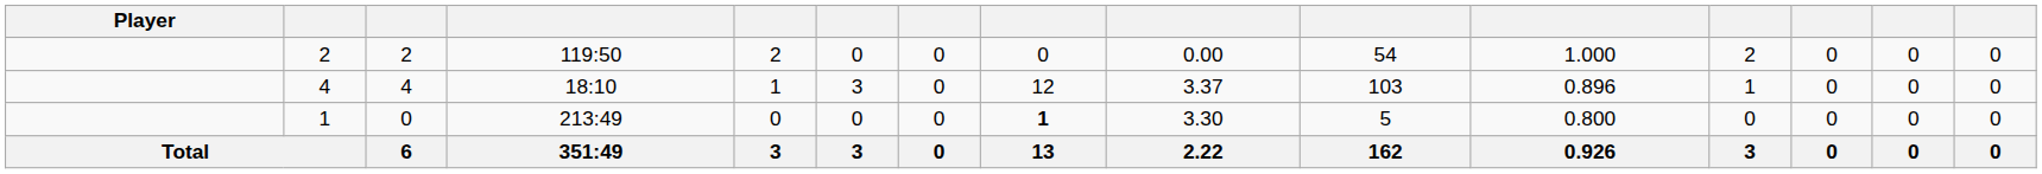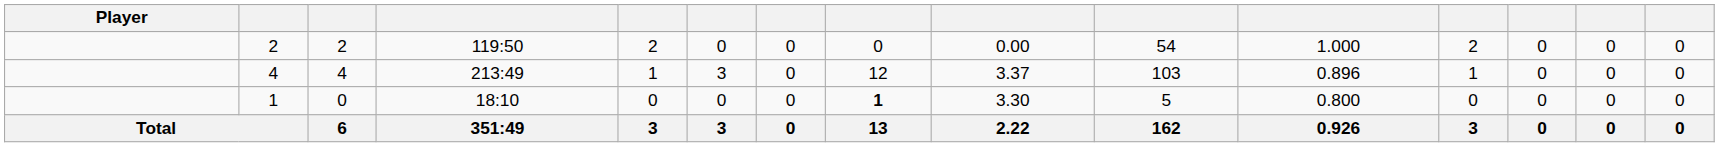 <table class="wikitable sortable" style="width:100%; text-align:center;">
 <tr>
 <th>Player</th>
 <th></th>
 <th></th>
 <th></th>
 <th></th>
 <th></th>
 <th></th>
 <th></th>
 <th></th>
 <th></th>
 <th></th>
 <th></th>
 <th></th>
 <th></th>
 <th></th>
 </tr>
 <tr>
 <td></td>
 <td>2</td>
 <td>2</td>
 <td>119:50</td>
 <td>2</td>
 <td>0</td>
 <td>0</td>
 <td>0</td>
 <td>0.00</td>
 <td>54</td>
 <td>1.000</td>
 <td>2</td>
 <td>0</td>
 <td>0</td>
 <td>0</td>
 </tr>
 <tr>
 <td></td>
 <td>4</td>
 <td>4</td>
-<td>18:10</td>
+<td>213:49</td>
 <td>1</td>
 <td>3</td>
 <td>0</td>
 <td>12</td>
 <td>3.37</td>
 <td>103</td>
 <td>0.896</td>
 <td>1</td>
 <td>0</td>
 <td>0</td>
 <td>0</td>
 </tr>
 <tr>
 <td></td>
 <td>1</td>
 <td>0</td>
-<td>213:49</td>
+<td>18:10</td>
 <td>0</td>
 <td>0</td>
 <td>0</td>
 <td><strong>1</strong></td>
 <td>3.30</td>
 <td>5</td>
 <td>0.800</td>
 <td>0</td>
 <td>0</td>
 <td>0</td>
 <td>0</td>
 </tr>
 <tr class="sortbottom">
 <th colspan=2>Total</th>
 <th>6</th>
 <th>351:49</th>
 <th>3</th>
 <th>3</th>
 <th>0</th>
 <th>13</th>
 <th>2.22</th>
 <th>162</th>
 <th>0.926</th>
 <th>3</th>
 <th>0</th>
 <th>0</th>
 <th>0</th>
 </tr>
 </table>
